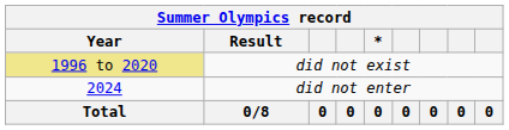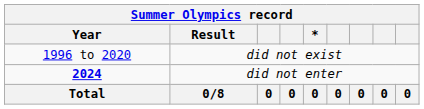 <table class="wikitable" style="text-align: center; width:50%;">
 <tr>
 <th colspan="9"><a href='#'>Summer Olympics</a> record</th>
 </tr>
 <tr>
 <th>Year</th>
 <th>Result</th>
 <th></th>
 <th></th>
 <th>*</th>
 <th></th>
 <th></th>
 <th></th>
 <th></th>
 </tr>
 <tr>
-<td style="background: khaki;"> <a href='#'>1996</a> to  <a href='#'>2020</a></td>
+<td> <a href='#'>1996</a> to  <a href='#'>2020</a></td>
 <td colspan=8><em>did not exist</em></td>
 </tr>
 <tr>
-<td> <a href='#'>2024</a></td>
+<td><strong> <a href='#'>2024</a></strong></td>
 <td colspan=8><em>did not enter</em></td>
 </tr>
 <tr>
 <th>Total</th>
 <th>0/8</th>
 <th>0</th>
 <th>0</th>
 <th>0</th>
 <th>0</th>
 <th>0</th>
 <th>0</th>
 <th>0</th>
 </tr>
 </table>
